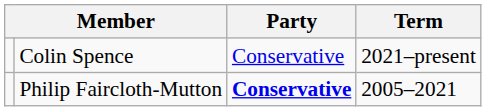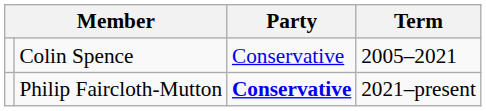 <table class="wikitable">
 <tr>
 <th colspan="2">Member</th>
 <th>Party</th>
 <th>Term</th>
 </tr>
 <tr>
 <td style="background-color: "></td>
 <td>Colin Spence</td>
 <td><a href='#'>Conservative</a></td>
-<td>2021–present</td>
+<td>2005–2021</td>
 </tr>
 <tr>
 <td style="background-color: "></td>
 <td>Philip Faircloth-Mutton</td>
 <td><strong><a href='#'>Conservative</a></strong></td>
-<td>2005–2021</td>
+<td>2021–present</td>
 </tr>
 </table>
